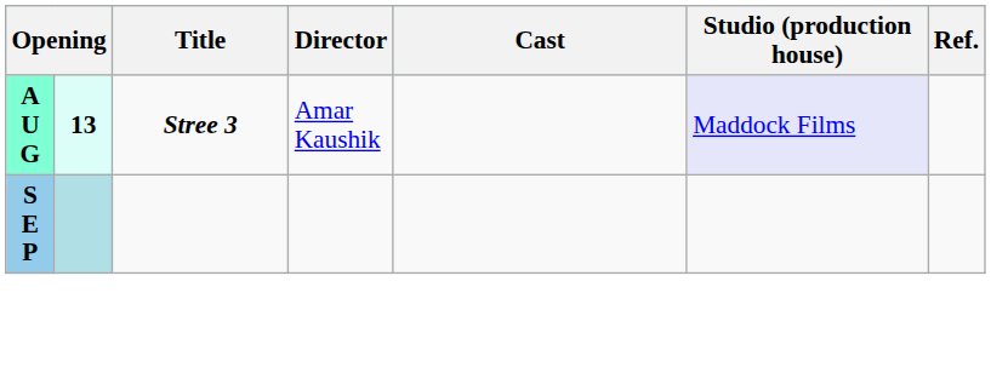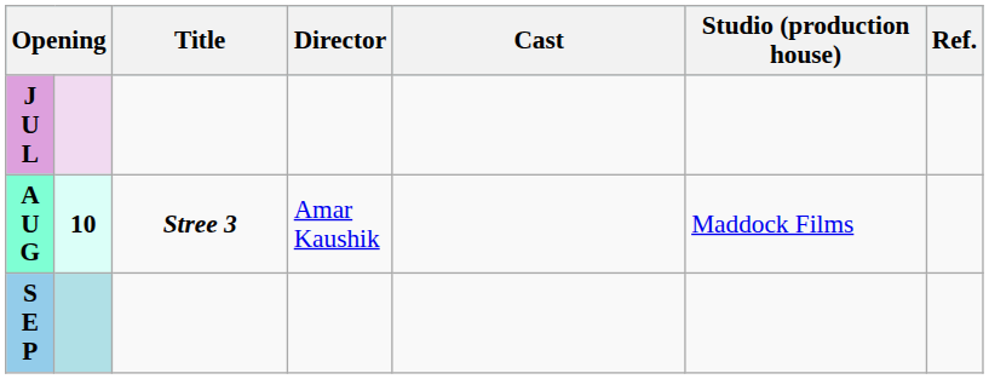 <table class="wikitable">
 <tr style="background:#b0e0e6; text-align:center;">
 <th colspan="2" style="width:6%;"><strong>Opening</strong></th>
 <th style="width:18%;"><strong>Title</strong></th>
 <th style="width:10.5%;"><strong>Director</strong></th>
 <th style="width:30%;"><strong>Cast</strong></th>
 <th>Studio (production house)</th>
 <th>Ref.</th>
 </tr>
 <tr>
+<td style="text-align:center; background:plum; textcolor:#000;"><strong>J<br>U<br>L</strong></td>
+<td style="text-align:center;background:#f1daf1;"></td>
+<td style="text-align:center;"></td>
+<td></td>
+<td></td>
+<td></td>
+<td></td>
+</tr>
+<tr>
 <td style="text-align:center; background:#7FFFD4; textcolor:#000;"><strong>A<br>U<br>G</strong></td>
-<td style="text-align:center; background:#dbfff8; textcolor:#000;"><strong>13</strong></td>
+<td style="text-align:center; background:#dbfff8; textcolor:#000;"><strong>10</strong></td>
 <td style="text-align:center;"><strong><em>Stree 3</em></strong></td>
 <td><a href='#'>Amar Kaushik</a></td>
 <td></td>
-<td style="background: lavender;"><a href='#'>Maddock Films</a></td>
+<td><a href='#'>Maddock Films</a></td>
 <td></td>
 </tr>
 <tr>
 <td style="text-align:center; background:#93CCEA; textcolor:#000;"><strong>S<br>E<br>P</strong></td>
 <td style="text-align:center;background:#B0E0E6;"></td>
 <td style="text-align:center;"></td>
 <td></td>
 <td></td>
 <td></td>
 <td></td>
 </tr>
 </table>
